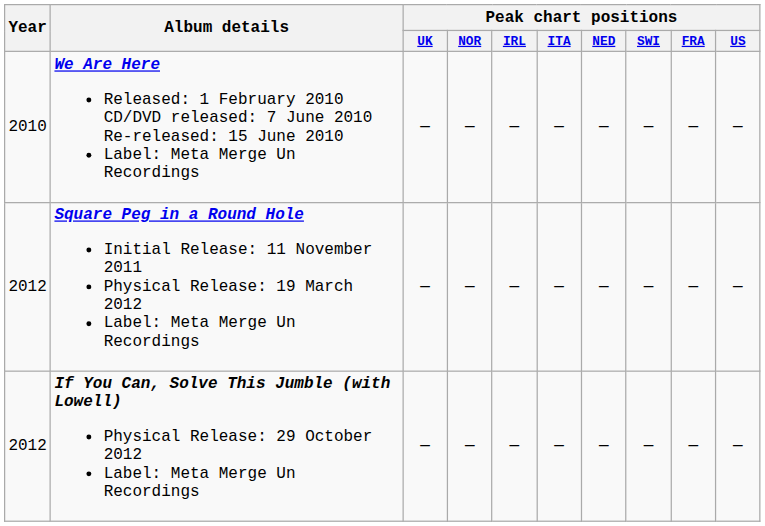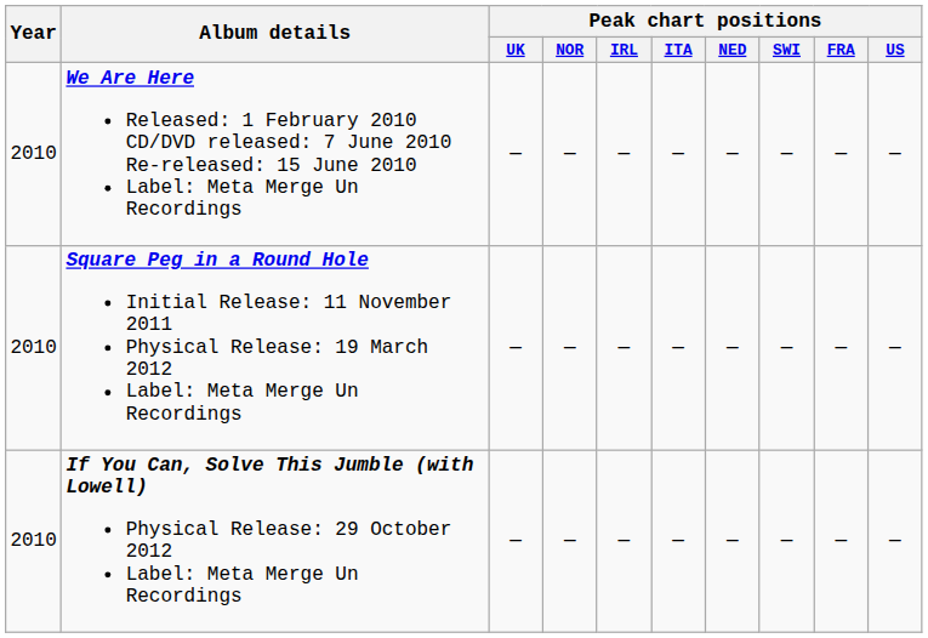 <table class="wikitable">
 <tr>
 <th rowspan="2">Year</th>
 <th rowspan="2" style="width:280px;">Album details</th>
 <th colspan="8">Peak chart positions</th>
 </tr>
 <tr>
 <th style="width:3em;font-size:80%"><a href='#'>UK</a></th>
 <th style="width:3em;font-size:80%"><a href='#'>NOR</a></th>
 <th style="width:3em;font-size:80%"><a href='#'>IRL</a></th>
 <th style="width:3em;font-size:80%"><a href='#'>ITA</a></th>
 <th style="width:3em;font-size:80%"><a href='#'>NED</a></th>
 <th style="width:3em;font-size:80%"><a href='#'>SWI</a></th>
 <th style="width:3em;font-size:80%"><a href='#'>FRA</a></th>
 <th style="width:3em;font-size:80%"><a href='#'>US</a></th>
 </tr>
 <tr>
 <td>2010</td>
 <td><strong><em><a href='#'>We Are Here</a></em></strong><br><ul><li>Released: 1 February 2010<br>CD/DVD released: 7 June 2010<br>Re-released: 15 June 2010</li><li>Label: Meta Merge Un Recordings</li></ul></td>
 <td style="text-align:center;">—</td>
 <td style="text-align:center;">—</td>
 <td style="text-align:center;">—</td>
 <td style="text-align:center;">—</td>
 <td style="text-align:center;">—</td>
 <td style="text-align:center;">—</td>
 <td style="text-align:center;">—</td>
 <td style="text-align:center;">—</td>
 </tr>
 <tr>
-<td>2012</td>
+<td>2010</td>
 <td><strong><em><a href='#'>Square Peg in a Round Hole</a></em></strong><br><ul><li>Initial Release: 11 November 2011</li><li>Physical Release: 19 March 2012</li><li>Label: Meta Merge Un Recordings</li></ul></td>
 <td style="text-align:center;">—</td>
 <td style="text-align:center;">—</td>
 <td style="text-align:center;">—</td>
 <td style="text-align:center;">—</td>
 <td style="text-align:center;">—</td>
 <td style="text-align:center;">—</td>
 <td style="text-align:center;">—</td>
 <td style="text-align:center;">—</td>
 </tr>
 <tr>
-<td>2012</td>
+<td>2010</td>
 <td><strong><em>If You Can, Solve This Jumble (with Lowell)</em></strong><br><ul><li>Physical Release: 29 October 2012</li><li>Label: Meta Merge Un Recordings</li></ul></td>
 <td style="text-align:center;">—</td>
 <td style="text-align:center;">—</td>
 <td style="text-align:center;">—</td>
 <td style="text-align:center;">—</td>
 <td style="text-align:center;">—</td>
 <td style="text-align:center;">—</td>
 <td style="text-align:center;">—</td>
 <td style="text-align:center;">—</td>
 </tr>
 </table>
